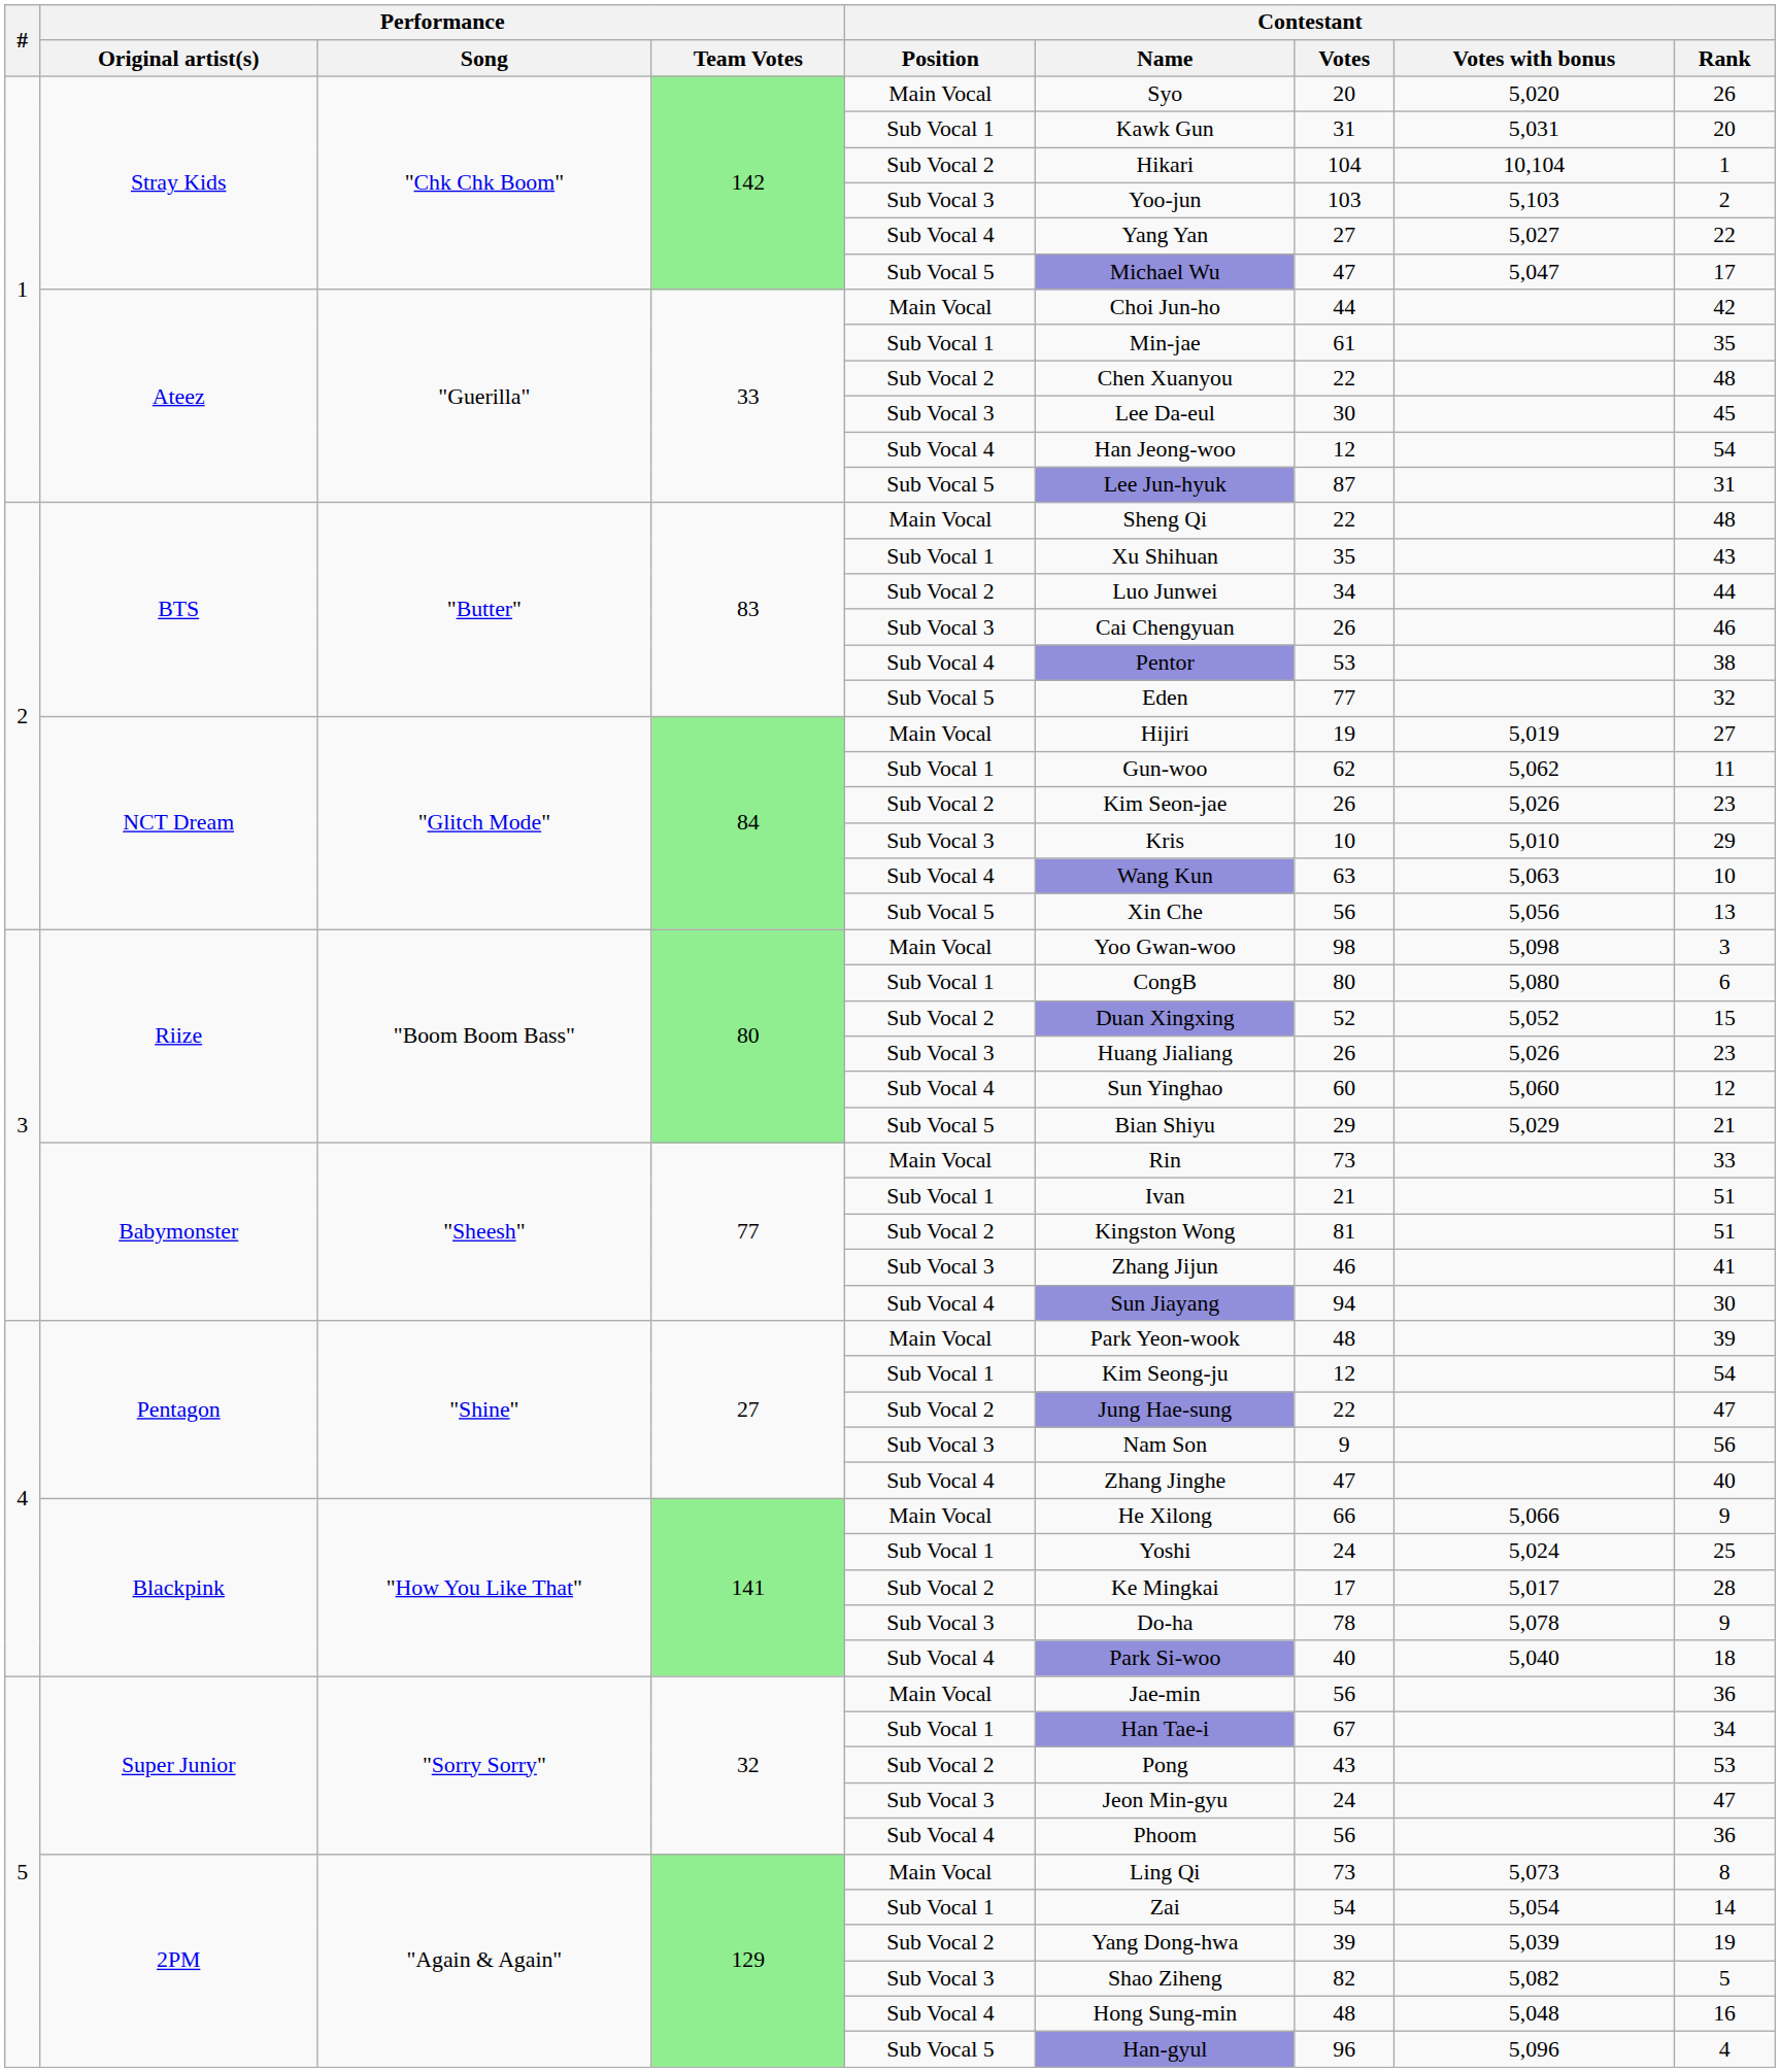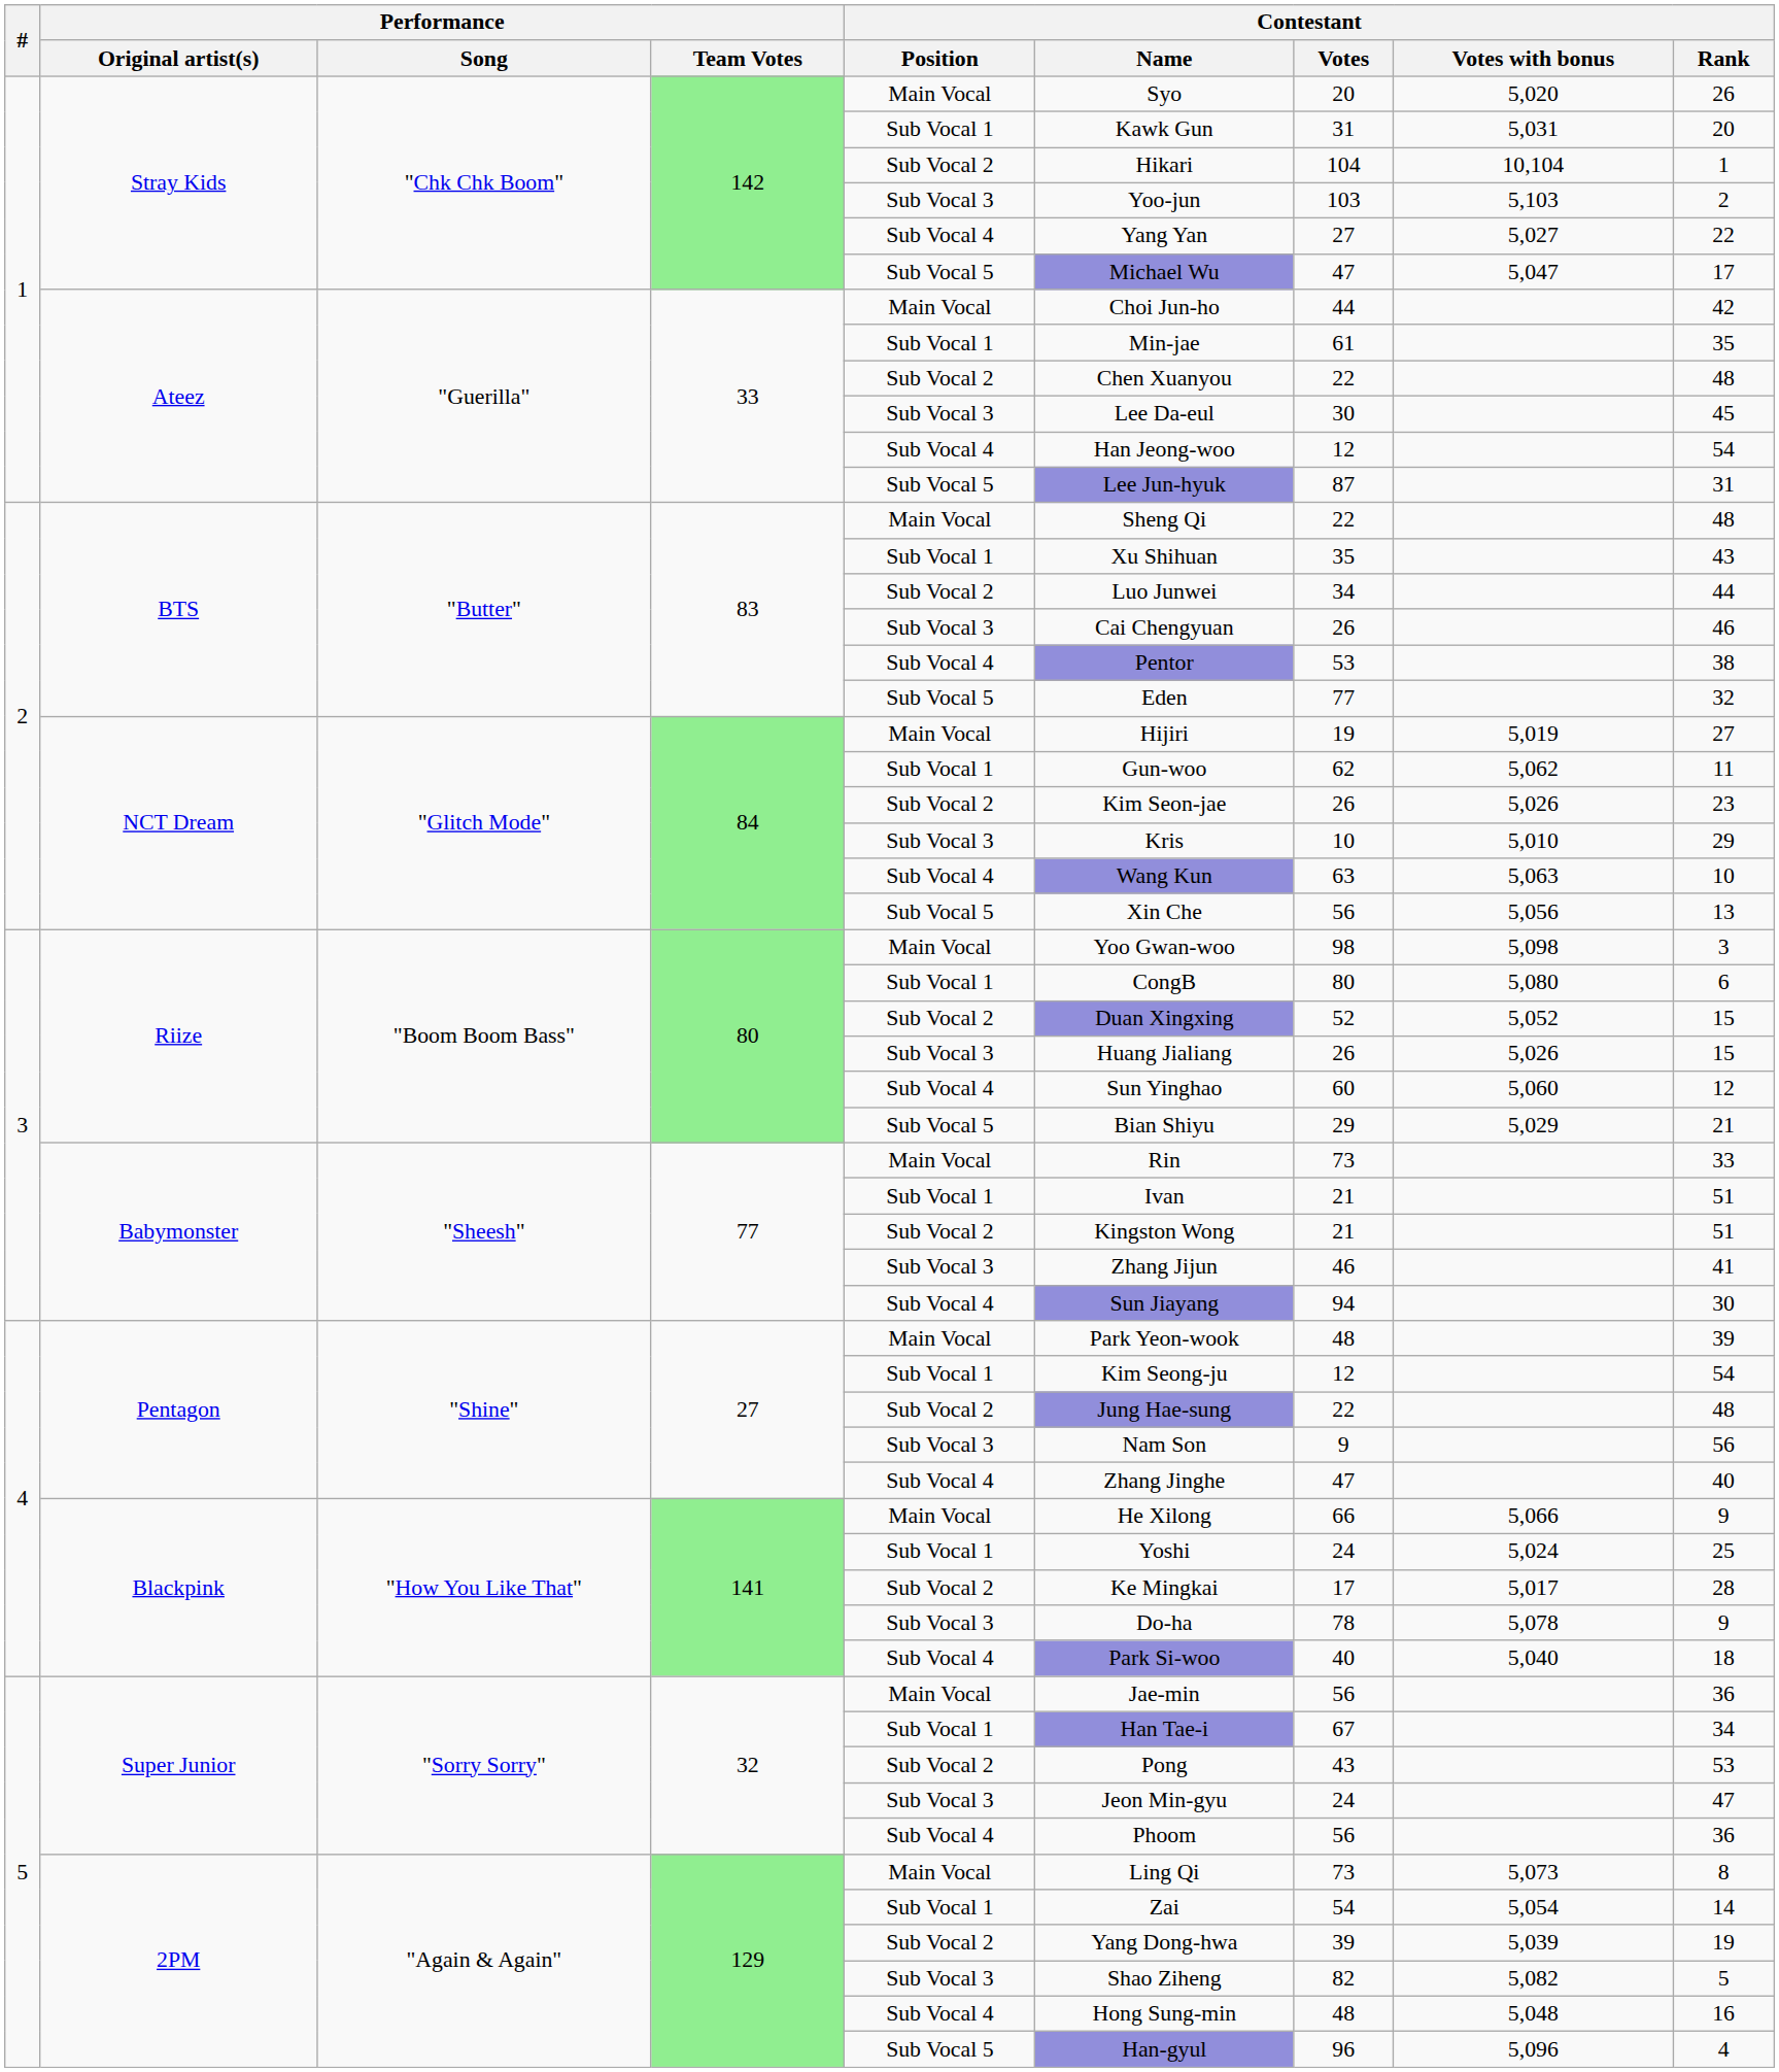 <table class="wikitable collapsible sortable" style="width:100%; text-align:center">
 <tr>
 <th rowspan="2">#</th>
 <th colspan="3">Performance</th>
 <th colspan="5">Contestant</th>
 </tr>
 <tr>
 <th>Original artist(s)</th>
 <th>Song</th>
 <th>Team Votes</th>
 <th>Position</th>
 <th>Name</th>
 <th>Votes</th>
 <th>Votes with bonus</th>
 <th>Rank</th>
 </tr>
 <tr>
 <td rowspan="12">1</td>
 <td rowspan="6"><a href='#'>Stray Kids</a></td>
 <td rowspan="6">"<a href='#'>Chk Chk Boom</a>"</td>
 <td rowspan="6" style="background:#90EE90">142</td>
 <td>Main Vocal</td>
 <td>Syo</td>
 <td>20</td>
 <td>5,020</td>
 <td>26</td>
 </tr>
 <tr>
 <td>Sub Vocal 1</td>
 <td>Kawk Gun</td>
 <td>31</td>
 <td>5,031</td>
 <td>20</td>
 </tr>
 <tr>
 <td>Sub Vocal 2</td>
 <td>Hikari</td>
 <td>104</td>
 <td>10,104</td>
 <td>1</td>
 </tr>
 <tr>
 <td>Sub Vocal 3</td>
 <td>Yoo-jun</td>
 <td>103</td>
 <td>5,103</td>
 <td>2</td>
 </tr>
 <tr>
 <td>Sub Vocal 4</td>
 <td>Yang Yan</td>
 <td>27</td>
 <td>5,027</td>
 <td>22</td>
 </tr>
 <tr>
 <td>Sub Vocal 5</td>
 <td style="background:#918EDB">Michael Wu</td>
 <td>47</td>
 <td>5,047</td>
 <td>17</td>
 </tr>
 <tr>
 <td rowspan="6"><a href='#'>Ateez</a></td>
 <td rowspan="6">"Guerilla"</td>
 <td rowspan="6">33</td>
 <td>Main Vocal</td>
 <td>Choi Jun-ho</td>
 <td>44</td>
 <td></td>
 <td>42</td>
 </tr>
 <tr>
 <td>Sub Vocal 1</td>
 <td>Min-jae</td>
 <td>61</td>
 <td></td>
 <td>35</td>
 </tr>
 <tr>
 <td>Sub Vocal 2</td>
 <td>Chen Xuanyou</td>
 <td>22</td>
 <td></td>
 <td>48</td>
 </tr>
 <tr>
 <td>Sub Vocal 3</td>
 <td>Lee Da-eul</td>
 <td>30</td>
 <td></td>
 <td>45</td>
 </tr>
 <tr>
 <td>Sub Vocal 4</td>
 <td>Han Jeong-woo</td>
 <td>12</td>
 <td></td>
 <td>54</td>
 </tr>
 <tr>
 <td>Sub Vocal 5</td>
 <td style="background:#918EDB">Lee Jun-hyuk</td>
 <td>87</td>
 <td></td>
 <td>31</td>
 </tr>
 <tr>
 <td rowspan="12">2</td>
 <td rowspan="6"><a href='#'>BTS</a></td>
 <td rowspan="6">"<a href='#'>Butter</a>"</td>
 <td rowspan="6">83</td>
 <td>Main Vocal</td>
 <td>Sheng Qi</td>
 <td>22</td>
 <td></td>
 <td>48</td>
 </tr>
 <tr>
 <td>Sub Vocal 1</td>
 <td>Xu Shihuan</td>
 <td>35</td>
 <td></td>
 <td>43</td>
 </tr>
 <tr>
 <td>Sub Vocal 2</td>
 <td>Luo Junwei</td>
 <td>34</td>
 <td></td>
 <td>44</td>
 </tr>
 <tr>
 <td>Sub Vocal 3</td>
 <td>Cai Chengyuan</td>
 <td>26</td>
 <td></td>
 <td>46</td>
 </tr>
 <tr>
 <td>Sub Vocal 4</td>
 <td style="background:#918EDB">Pentor</td>
 <td>53</td>
 <td></td>
 <td>38</td>
 </tr>
 <tr>
 <td>Sub Vocal 5</td>
 <td>Eden</td>
 <td>77</td>
 <td></td>
 <td>32</td>
 </tr>
 <tr>
 <td rowspan="6"><a href='#'>NCT Dream</a></td>
 <td rowspan="6">"<a href='#'>Glitch Mode</a>"</td>
 <td rowspan="6" style="background:#90EE90">84</td>
 <td>Main Vocal</td>
 <td>Hijiri</td>
 <td>19</td>
 <td>5,019</td>
 <td>27</td>
 </tr>
 <tr>
 <td>Sub Vocal 1</td>
 <td>Gun-woo</td>
 <td>62</td>
 <td>5,062</td>
 <td>11</td>
 </tr>
 <tr>
 <td>Sub Vocal 2</td>
 <td>Kim Seon-jae</td>
 <td>26</td>
 <td>5,026</td>
 <td>23</td>
 </tr>
 <tr>
 <td>Sub Vocal 3</td>
 <td>Kris</td>
 <td>10</td>
 <td>5,010</td>
 <td>29</td>
 </tr>
 <tr>
 <td>Sub Vocal 4</td>
 <td style="background:#918EDB">Wang Kun</td>
 <td>63</td>
 <td>5,063</td>
 <td>10</td>
 </tr>
 <tr>
 <td>Sub Vocal 5</td>
 <td>Xin Che</td>
 <td>56</td>
 <td>5,056</td>
 <td>13</td>
 </tr>
 <tr>
 <td rowspan="11">3</td>
 <td rowspan="6"><a href='#'>Riize</a></td>
 <td rowspan="6">"Boom Boom Bass"</td>
 <td rowspan="6" style="background:#90EE90">80</td>
 <td>Main Vocal</td>
 <td>Yoo Gwan-woo</td>
 <td>98</td>
 <td>5,098</td>
 <td>3</td>
 </tr>
 <tr>
 <td>Sub Vocal 1</td>
 <td>CongB</td>
 <td>80</td>
 <td>5,080</td>
 <td>6</td>
 </tr>
 <tr>
 <td>Sub Vocal 2</td>
 <td style="background:#918EDB">Duan Xingxing</td>
 <td>52</td>
 <td>5,052</td>
 <td>15</td>
 </tr>
 <tr>
 <td>Sub Vocal 3</td>
 <td>Huang Jialiang</td>
 <td>26</td>
 <td>5,026</td>
-<td>23</td>
+<td>15</td>
 </tr>
 <tr>
 <td>Sub Vocal 4</td>
 <td>Sun Yinghao</td>
 <td>60</td>
 <td>5,060</td>
 <td>12</td>
 </tr>
 <tr>
 <td>Sub Vocal 5</td>
 <td>Bian Shiyu</td>
 <td>29</td>
 <td>5,029</td>
 <td>21</td>
 </tr>
 <tr>
 <td rowspan="5"><a href='#'>Babymonster</a></td>
 <td rowspan="5">"<a href='#'>Sheesh</a>"</td>
 <td rowspan="5">77</td>
 <td>Main Vocal</td>
 <td>Rin</td>
 <td>73</td>
 <td></td>
 <td>33</td>
 </tr>
 <tr>
 <td>Sub Vocal 1</td>
 <td>Ivan</td>
 <td>21</td>
 <td></td>
 <td>51</td>
 </tr>
 <tr>
 <td>Sub Vocal 2</td>
 <td>Kingston Wong</td>
-<td>81</td>
+<td>21</td>
 <td></td>
 <td>51</td>
 </tr>
 <tr>
 <td>Sub Vocal 3</td>
 <td>Zhang Jijun</td>
 <td>46</td>
 <td></td>
 <td>41</td>
 </tr>
 <tr>
 <td>Sub Vocal 4</td>
 <td style="background:#918EDB">Sun Jiayang</td>
 <td>94</td>
 <td></td>
 <td>30</td>
 </tr>
 <tr>
 <td rowspan="10">4</td>
 <td rowspan="5"><a href='#'>Pentagon</a></td>
 <td rowspan="5">"<a href='#'>Shine</a>"</td>
 <td rowspan="5">27</td>
 <td>Main Vocal</td>
 <td>Park Yeon-wook</td>
 <td>48</td>
 <td></td>
 <td>39</td>
 </tr>
 <tr>
 <td>Sub Vocal 1</td>
 <td>Kim Seong-ju</td>
 <td>12</td>
 <td></td>
 <td>54</td>
 </tr>
 <tr>
 <td>Sub Vocal 2</td>
 <td style="background:#918EDB">Jung Hae-sung</td>
 <td>22</td>
 <td></td>
-<td>47</td>
+<td>48</td>
 </tr>
 <tr>
 <td>Sub Vocal 3</td>
 <td>Nam Son</td>
 <td>9</td>
 <td></td>
 <td>56</td>
 </tr>
 <tr>
 <td>Sub Vocal 4</td>
 <td>Zhang Jinghe</td>
 <td>47</td>
 <td></td>
 <td>40</td>
 </tr>
 <tr>
 <td rowspan="5"><a href='#'>Blackpink</a></td>
 <td rowspan="5">"<a href='#'>How You Like That</a>"</td>
 <td rowspan="5" style="background:#90EE90">141</td>
 <td>Main Vocal</td>
 <td>He Xilong</td>
 <td>66</td>
 <td>5,066</td>
 <td>9</td>
 </tr>
 <tr>
 <td>Sub Vocal 1</td>
 <td>Yoshi</td>
 <td>24</td>
 <td>5,024</td>
 <td>25</td>
 </tr>
 <tr>
 <td>Sub Vocal 2</td>
 <td>Ke Mingkai</td>
 <td>17</td>
 <td>5,017</td>
 <td>28</td>
 </tr>
 <tr>
 <td>Sub Vocal 3</td>
 <td>Do-ha</td>
 <td>78</td>
 <td>5,078</td>
 <td>9</td>
 </tr>
 <tr>
 <td>Sub Vocal 4</td>
 <td style="background:#918EDB">Park Si-woo</td>
 <td>40</td>
 <td>5,040</td>
 <td>18</td>
 </tr>
 <tr>
 <td rowspan="11">5</td>
 <td rowspan="5"><a href='#'>Super Junior</a></td>
 <td rowspan="5">"<a href='#'>Sorry Sorry</a>"</td>
 <td rowspan="5">32</td>
 <td>Main Vocal</td>
 <td>Jae-min</td>
 <td>56</td>
 <td></td>
 <td>36</td>
 </tr>
 <tr>
 <td>Sub Vocal 1</td>
 <td style="background:#918EDB">Han Tae-i</td>
 <td>67</td>
 <td></td>
 <td>34</td>
 </tr>
 <tr>
 <td>Sub Vocal 2</td>
 <td>Pong</td>
 <td>43</td>
 <td></td>
 <td>53</td>
 </tr>
 <tr>
 <td>Sub Vocal 3</td>
 <td>Jeon Min-gyu</td>
 <td>24</td>
 <td></td>
 <td>47</td>
 </tr>
 <tr>
 <td>Sub Vocal 4</td>
 <td>Phoom</td>
 <td>56</td>
 <td></td>
 <td>36</td>
 </tr>
 <tr>
 <td rowspan="6"><a href='#'>2PM</a></td>
 <td rowspan="6">"Again & Again"</td>
 <td rowspan="6" style="background:#90EE90">129</td>
 <td>Main Vocal</td>
 <td>Ling Qi</td>
 <td>73</td>
 <td>5,073</td>
 <td>8</td>
 </tr>
 <tr>
 <td>Sub Vocal 1</td>
 <td>Zai</td>
 <td>54</td>
 <td>5,054</td>
 <td>14</td>
 </tr>
 <tr>
 <td>Sub Vocal 2</td>
 <td>Yang Dong-hwa</td>
 <td>39</td>
 <td>5,039</td>
 <td>19</td>
 </tr>
 <tr>
 <td>Sub Vocal 3</td>
 <td>Shao Ziheng</td>
 <td>82</td>
 <td>5,082</td>
 <td>5</td>
 </tr>
 <tr>
 <td>Sub Vocal 4</td>
 <td>Hong Sung-min</td>
 <td>48</td>
 <td>5,048</td>
 <td>16</td>
 </tr>
 <tr>
 <td>Sub Vocal 5</td>
 <td style="background:#918EDB">Han-gyul</td>
 <td>96</td>
 <td>5,096</td>
 <td>4</td>
 </tr>
 </table>
